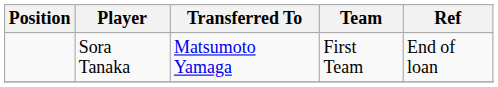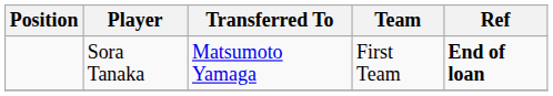 <table class="wikitable sortable" style="width:70%; text-align:center; font-size:100%; text-align:left;">
 <tr>
 <th>Position</th>
 <th>Player</th>
 <th>Transferred To</th>
 <th>Team</th>
 <th>Ref</th>
 </tr>
 <tr>
 <td></td>
 <td> Sora Tanaka</td>
 <td> <a href='#'>Matsumoto Yamaga</a></td>
 <td>First Team</td>
-<td>End of loan </td>
+<td><strong>End of loan </strong></td>
 </tr>
 <tr>
 </tr>
 </table>
